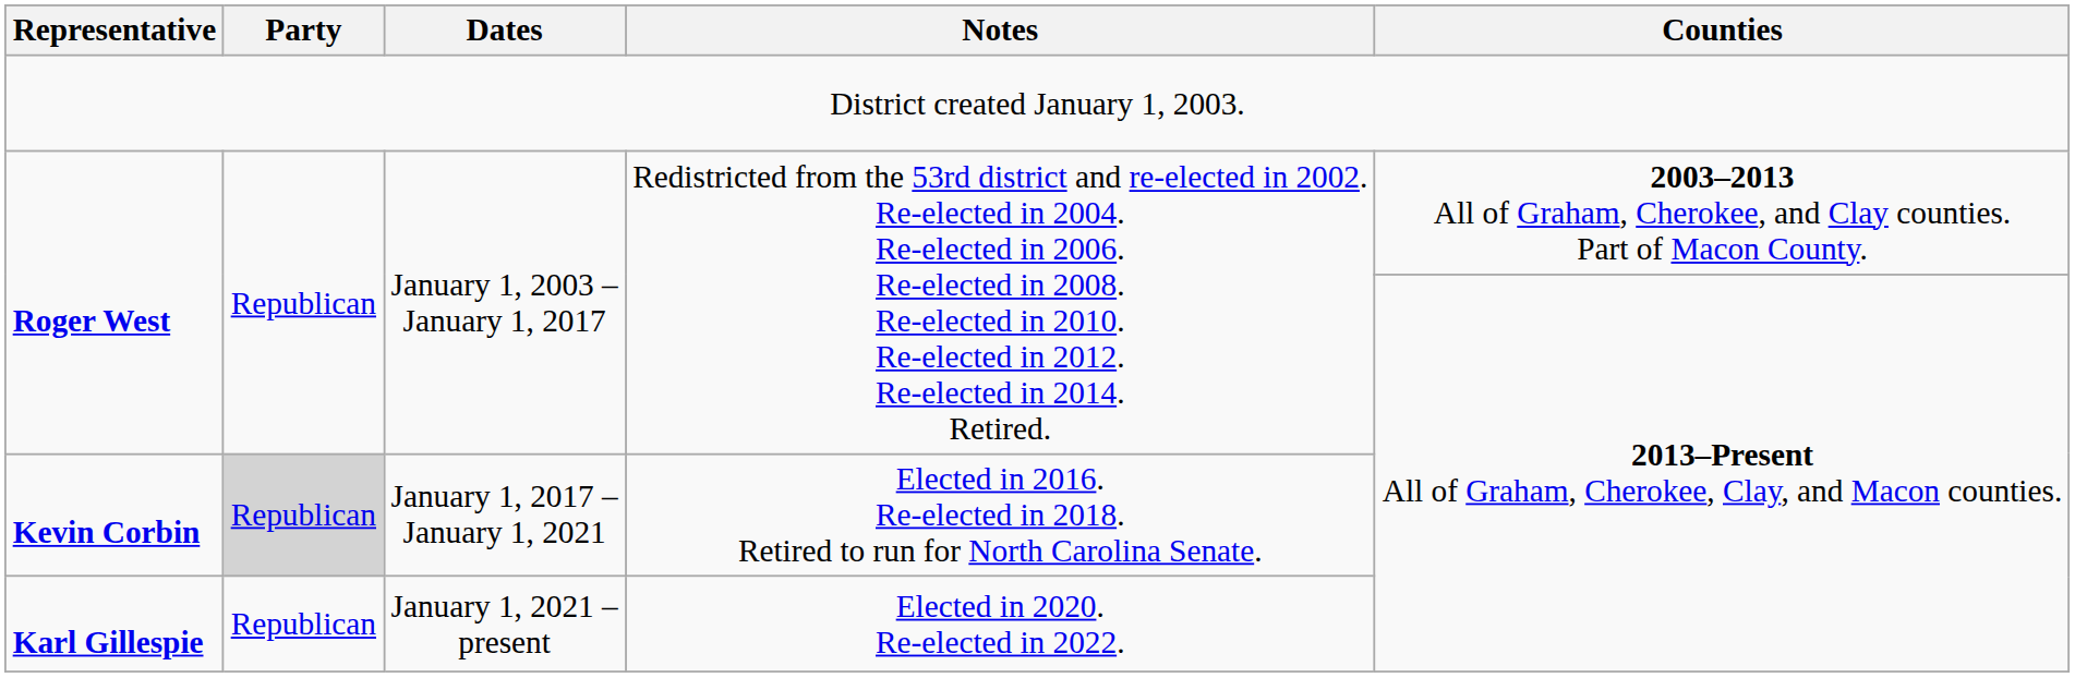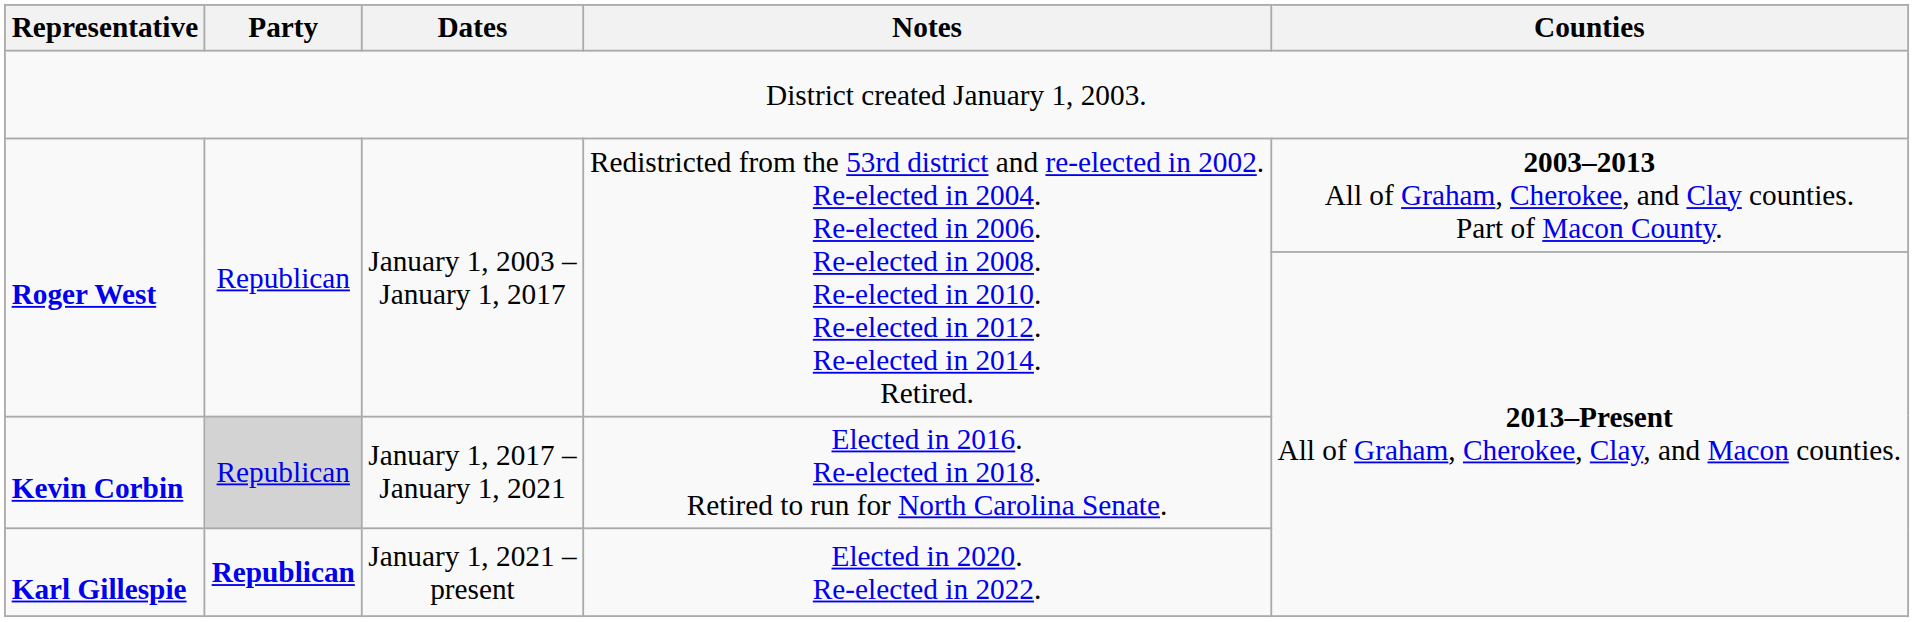 <table class=wikitable style="text-align:center">
 <tr>
 <th>Representative</th>
 <th>Party</th>
 <th>Dates</th>
 <th>Notes</th>
 <th>Counties</th>
 </tr>
 <tr style="height:3em">
 <td colspan="5">District created January 1, 2003.</td>
 </tr>
 <tr style="height:3em">
 <td rowspan=2 align=left> <br> <strong><a href='#'>Roger West</a></strong><br></td>
 <td rowspan=2 ><a href='#'>Republican</a></td>
 <td rowspan=2 nowrap>January 1, 2003 – <br> January 1, 2017</td>
 <td rowspan=2>Redistricted from the <a href='#'>53rd district</a> and <a href='#'>re-elected in 2002</a>. <br> <a href='#'>Re-elected in 2004</a>. <br> <a href='#'>Re-elected in 2006</a>. <br> <a href='#'>Re-elected in 2008</a>. <br> <a href='#'>Re-elected in 2010</a>. <br> <a href='#'>Re-elected in 2012</a>. <br> <a href='#'>Re-elected in 2014</a>. <br> Retired.</td>
 <td><strong>2003–2013</strong> <br> All of <a href='#'>Graham</a>, <a href='#'>Cherokee</a>, and <a href='#'>Clay</a> counties. <br> Part of <a href='#'>Macon County</a>.</td>
 </tr>
 <tr style="height:3em">
 <td rowspan=3><strong>2013–Present</strong> <br> All of <a href='#'>Graham</a>, <a href='#'>Cherokee</a>, <a href='#'>Clay</a>, and <a href='#'>Macon</a> counties.</td>
 </tr>
 <tr style="height:3em">
 <td align=left> <br> <strong><a href='#'>Kevin Corbin</a></strong><br></td>
 <td style="background: lightgrey;"><a href='#'>Republican</a></td>
 <td nowrap>January 1, 2017 – <br> January 1, 2021</td>
 <td><a href='#'>Elected in 2016</a>. <br> <a href='#'>Re-elected in 2018</a>. <br> Retired to run for <a href='#'>North Carolina Senate</a>.</td>
 </tr>
 <tr style="height:3em">
 <td align=left> <br> <strong><a href='#'>Karl Gillespie</a></strong><br></td>
-<td><a href='#'>Republican</a></td>
+<td><strong><a href='#'>Republican</a></strong></td>
 <td nowrap>January 1, 2021 – <br> present</td>
 <td><a href='#'>Elected in 2020</a>. <br> <a href='#'>Re-elected in 2022</a>.</td>
 </tr>
 </table>
